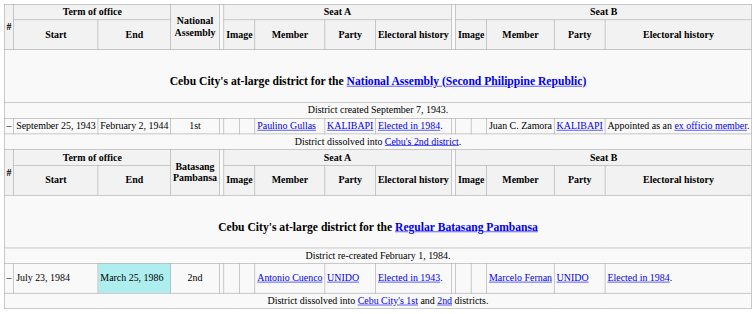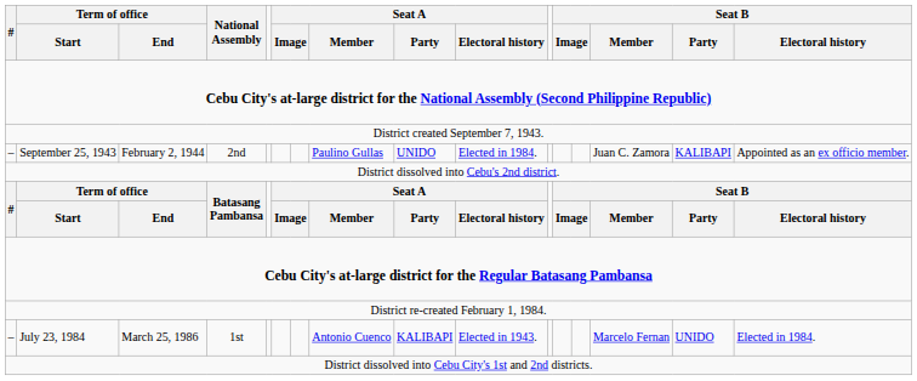 <table class=wikitable>
 <tr>
 <th rowspan=2>#</th>
 <th colspan=2>Term of office</th>
 <th rowspan=2>National<br>Assembly</th>
 <td rowspan=2></td>
 <th colspan=5>Seat A</th>
 <td rowspan=2></td>
 <th colspan=5>Seat B</th>
 </tr>
 <tr style="height:3em">
 <th>Start</th>
 <th>End</th>
 <th colspan="2" style="text-align:center;">Image</th>
 <th>Member</th>
 <th>Party</th>
 <th>Electoral history</th>
 <th colspan="2" style="text-align:center;">Image</th>
 <th>Member</th>
 <th>Party</th>
 <th>Electoral history</th>
 </tr>
 <tr>
 <td colspan="16" style="text-align:center;"><br><h3>Cebu City's at-large district for the <a href='#'>National Assembly (Second Philippine Republic)</a></h3></td>
 </tr>
 <tr>
 <td colspan="16" style="text-align:center;">District created September 7, 1943.</td>
 </tr>
 <tr>
 <td style="text-align:center;">–</td>
 <td>September 25, 1943</td>
 <td>February 2, 1944</td>
-<td style="text-align:center;">1st</td>
+<td style="text-align:center;">2nd</td>
 <td></td>
 <td style="color:inherit;background:"></td>
 <td></td>
 <td><a href='#'>Paulino Gullas</a></td>
-<td><a href='#'>KALIBAPI</a></td>
+<td><a href='#'>UNIDO</a></td>
 <td><a href='#'>Elected in 1984</a>.</td>
 <td></td>
 <td style="color:inherit;background:"></td>
 <td></td>
 <td>Juan C. Zamora</td>
 <td><a href='#'>KALIBAPI</a></td>
 <td>Appointed as an <a href='#'>ex officio member</a>.</td>
 </tr>
 <tr>
 <td colspan="16" style="text-align:center;">District dissolved into <a href='#'>Cebu's 2nd district</a>.</td>
 </tr>
 <tr>
 <th rowspan=2>#</th>
 <th colspan=2>Term of office</th>
 <th rowspan=2>Batasang<br>Pambansa</th>
 <td rowspan=2></td>
 <th colspan=5>Seat A</th>
 <td rowspan=2></td>
 <th colspan=5>Seat B</th>
 </tr>
 <tr style="height:3em">
 <th>Start</th>
 <th>End</th>
 <th colspan="2" style="text-align:center;">Image</th>
 <th>Member</th>
 <th>Party</th>
 <th>Electoral history</th>
 <th colspan="2" style="text-align:center;">Image</th>
 <th>Member</th>
 <th>Party</th>
 <th>Electoral history</th>
 </tr>
 <tr>
 <td colspan="16" style="text-align:center;"><br><h3>Cebu City's at-large district for the <a href='#'>Regular Batasang Pambansa</a></h3></td>
 </tr>
 <tr>
 <td colspan="16" style="text-align:center;">District re-created February 1, 1984.</td>
 </tr>
 <tr style="height:3em">
 <td style="text-align:center;">–</td>
 <td>July 23, 1984</td>
-<td style="background: paleturquoise;">March 25, 1986</td>
-<td style="text-align:center;">2nd</td>
+<td>March 25, 1986</td>
+<td style="text-align:center;">1st</td>
 <td></td>
 <td style="color:inherit;background:"></td>
 <td></td>
 <td><a href='#'>Antonio Cuenco</a></td>
-<td><a href='#'>UNIDO</a></td>
+<td><a href='#'>KALIBAPI</a></td>
 <td><a href='#'>Elected in 1943</a>.</td>
 <td></td>
 <td style="color:inherit;background:"></td>
 <td></td>
 <td><a href='#'>Marcelo Fernan</a></td>
 <td><a href='#'>UNIDO</a></td>
 <td><a href='#'>Elected in 1984</a>.</td>
 </tr>
 <tr>
 <td colspan="16" style="text-align:center;">District dissolved into <a href='#'>Cebu City's 1st</a> and <a href='#'>2nd</a> districts.</td>
 </tr>
 </table>
